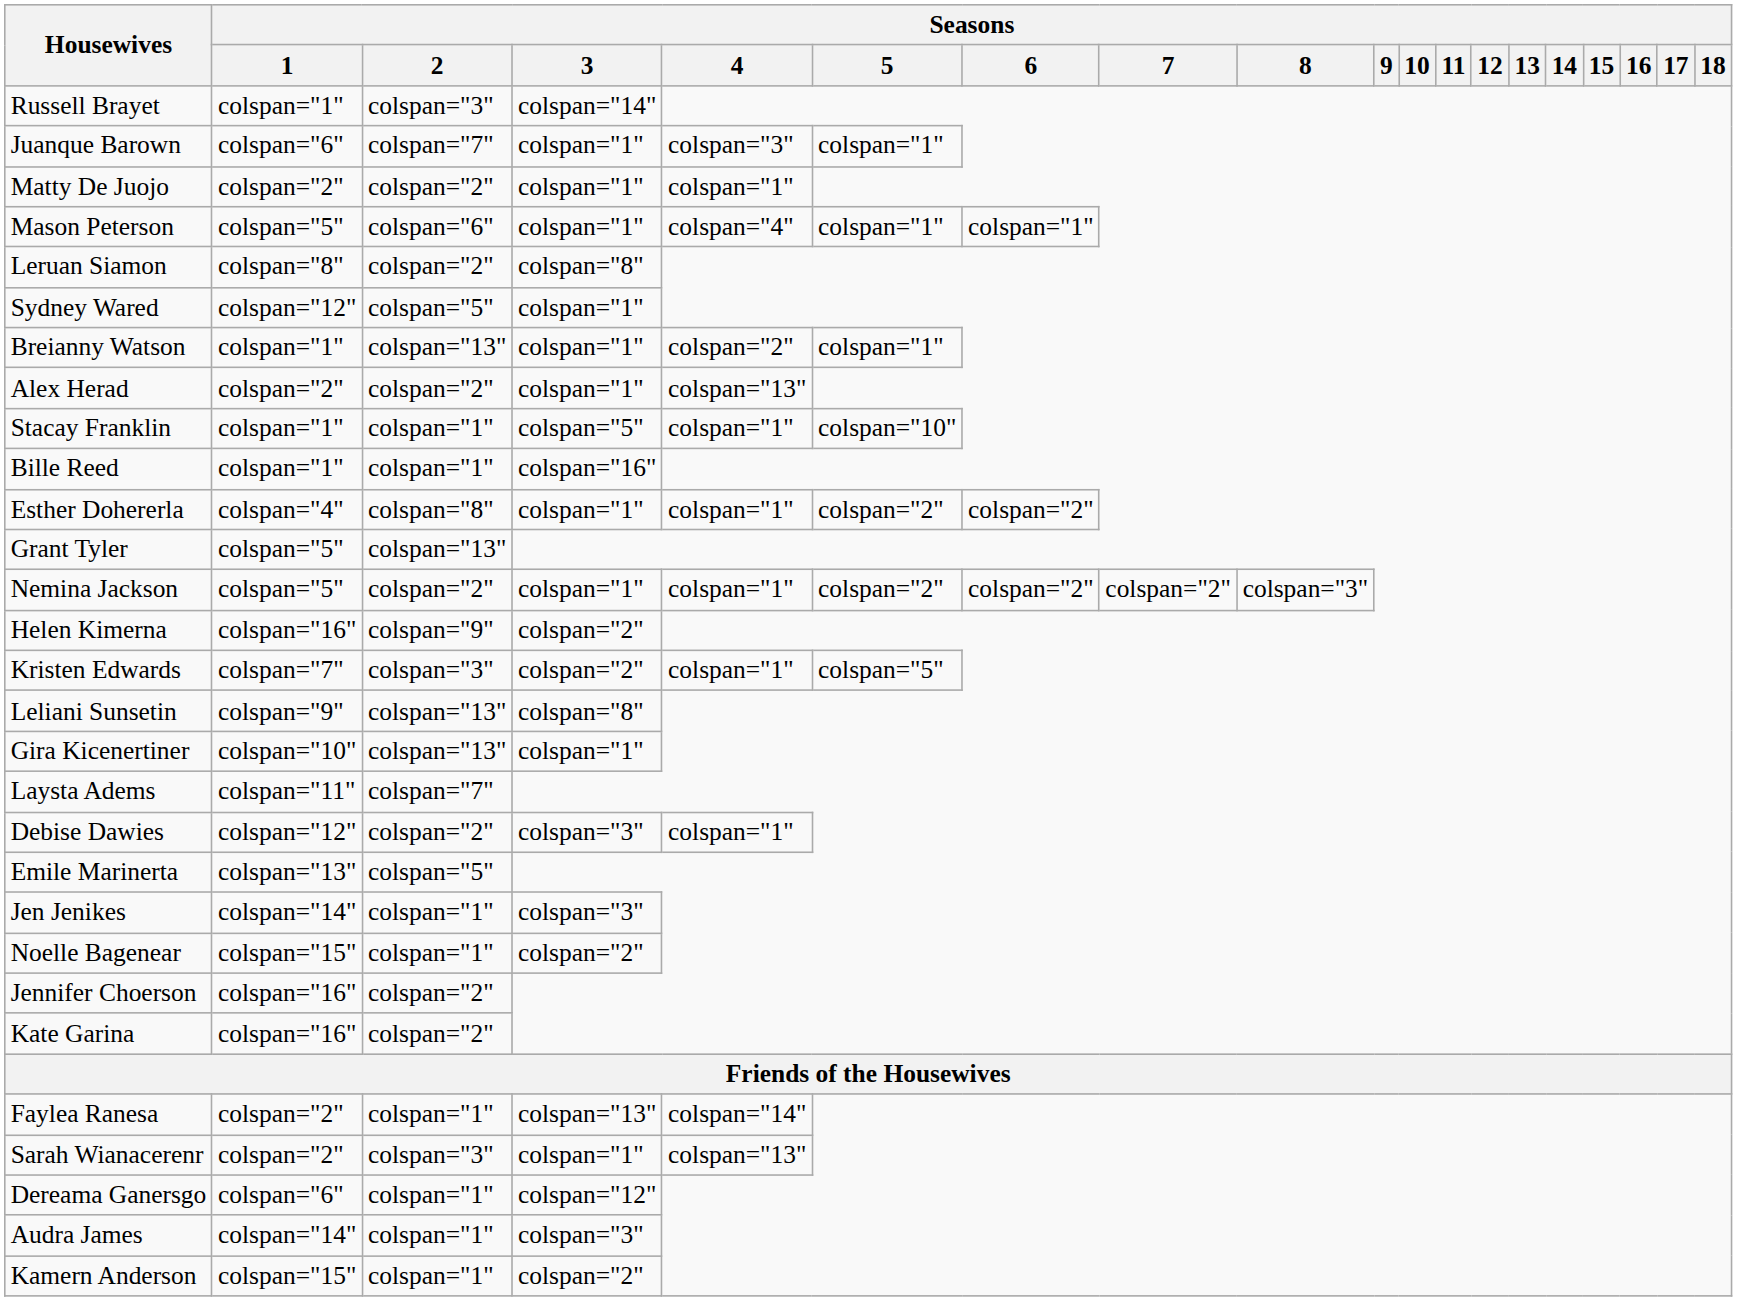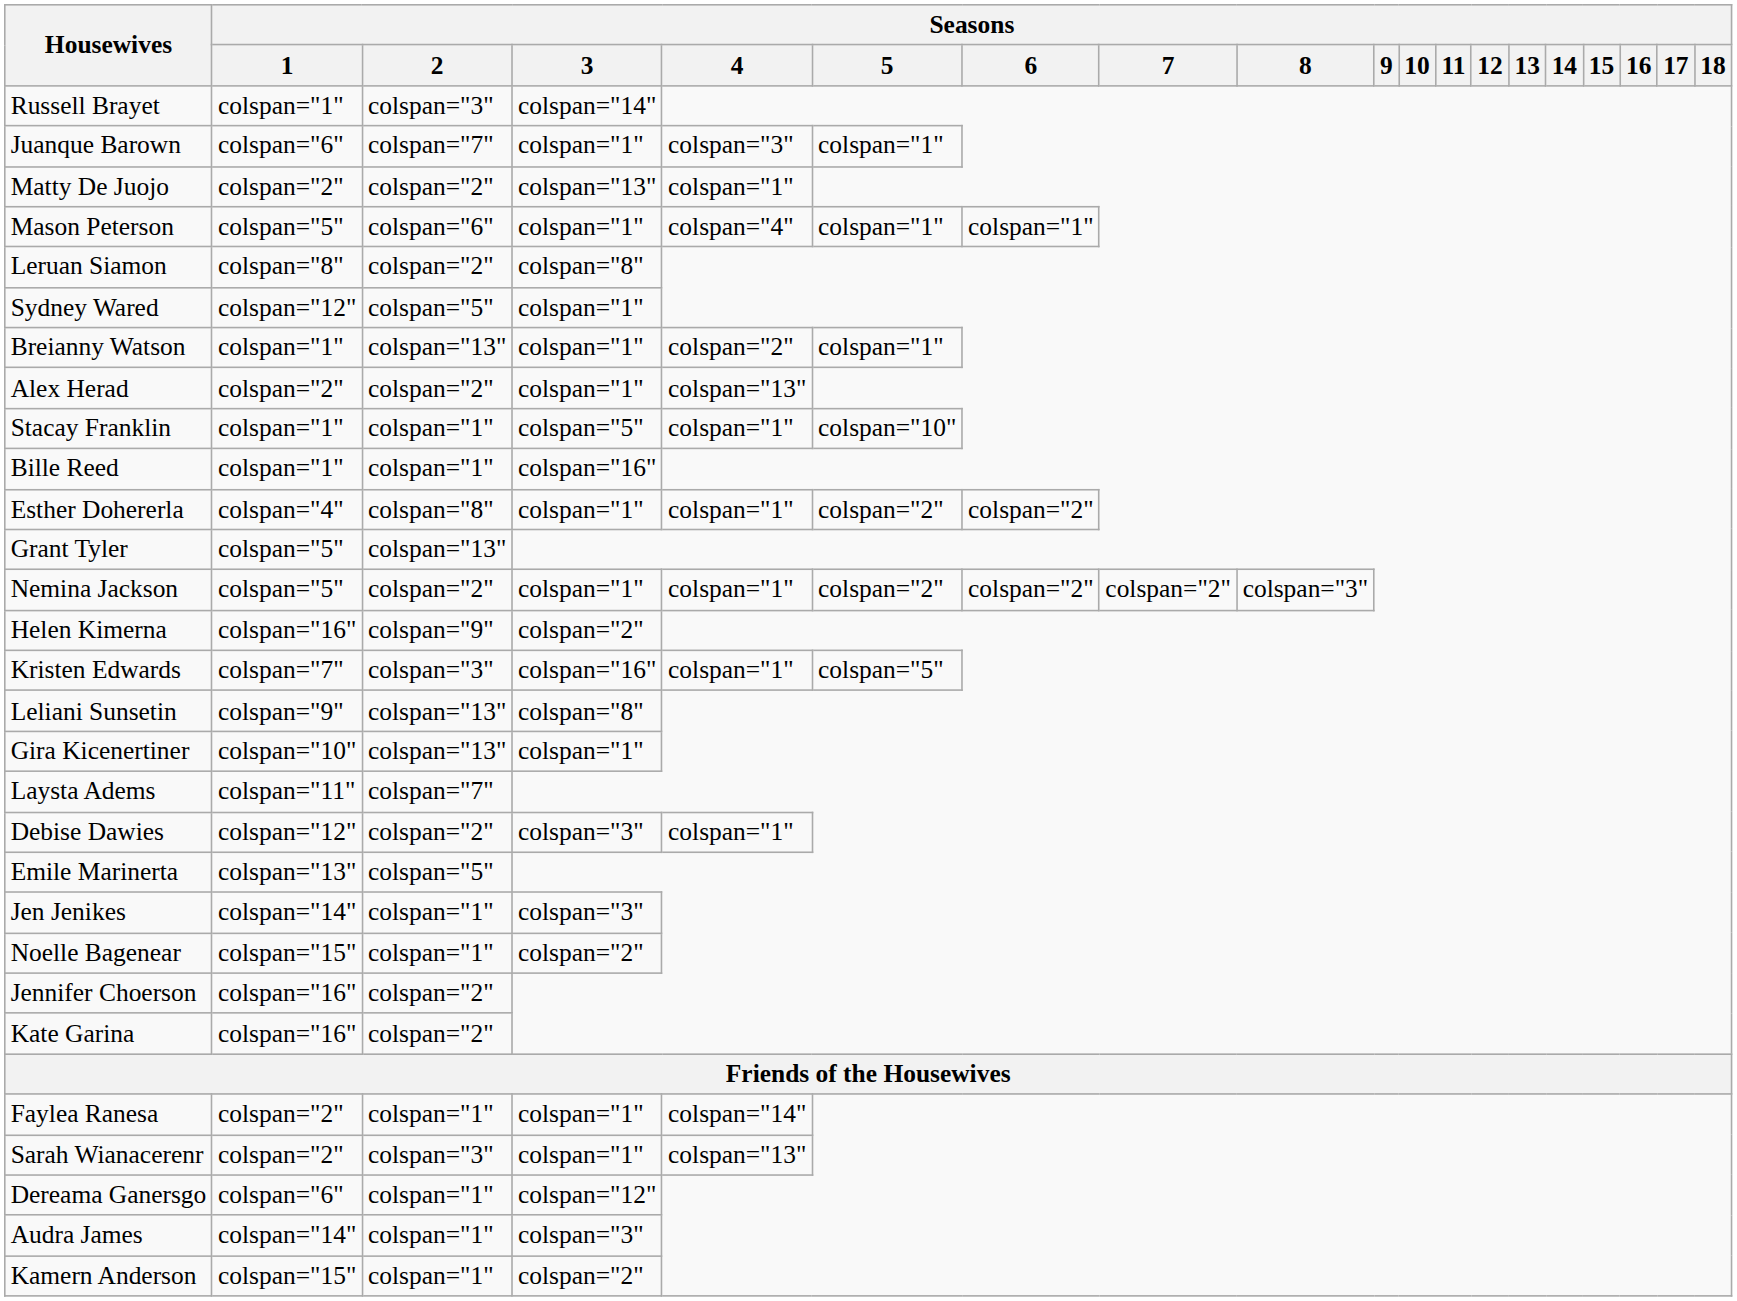 <table class="wikitable plainrowheaders" width="5%">
 <tr>
 <th scope="col" rowspan="2" style="width:70%;">Housewives</th>
 <th scope="col" colspan="18">Seasons</th>
 </tr>
 <tr>
 <th scope="col" style="width:10%;">1</th>
 <th scope="col" style="width:10%;">2</th>
 <th scope="col" style="width;10%;">3</th>
 <th>4</th>
 <th>5</th>
 <th>6</th>
 <th>7</th>
 <th>8</th>
 <th>9</th>
 <th>10</th>
 <th>11</th>
 <th>12</th>
 <th>13</th>
 <th>14</th>
 <th>15</th>
 <th>16</th>
 <th>17</th>
 <th>18</th>
 </tr>
 <tr>
 <td nowrap>Russell Brayet</td>
 <td>colspan="1" </td>
 <td>colspan="3" </td>
 <td>colspan="14" </td>
 </tr>
 <tr>
 <td>Juanque Barown</td>
 <td>colspan="6" </td>
 <td>colspan="7" </td>
 <td>colspan="1" </td>
 <td>colspan="3" </td>
 <td>colspan="1" </td>
 </tr>
 <tr>
 <td>Matty De Juojo</td>
 <td>colspan="2" </td>
 <td>colspan="2" </td>
-<td>colspan="1" </td>
+<td>colspan="13" </td>
 <td>colspan="1"  </td>
 </tr>
 <tr>
 <td nowrap>Mason Peterson</td>
 <td>colspan="5" </td>
 <td>colspan="6" </td>
 <td>colspan="1" </td>
 <td>colspan="4" </td>
 <td>colspan="1" </td>
 <td>colspan="1" </td>
 </tr>
 <tr>
 <td>Leruan Siamon</td>
 <td>colspan="8" </td>
 <td>colspan="2" </td>
 <td>colspan="8" </td>
 </tr>
 <tr>
 <td>Sydney Wared</td>
 <td>colspan="12"</td>
 <td>colspan="5" </td>
 <td>colspan="1" </td>
 </tr>
 <tr>
 <td>Breianny Watson</td>
 <td>colspan="1" </td>
 <td>colspan="13" </td>
 <td>colspan="1" </td>
 <td>colspan="2" </td>
 <td>colspan="1" </td>
 </tr>
 <tr>
 <td>Alex Herad</td>
 <td>colspan="2" </td>
 <td>colspan="2" </td>
 <td>colspan="1" </td>
 <td>colspan="13" </td>
 </tr>
 <tr>
 <td>Stacay Franklin</td>
 <td>colspan="1" </td>
 <td>colspan="1" </td>
 <td>colspan="5" </td>
 <td>colspan="1" </td>
 <td>colspan="10" </td>
 </tr>
 <tr>
 <td>Bille Reed</td>
 <td>colspan="1" </td>
 <td>colspan="1" </td>
 <td>colspan="16" </td>
 </tr>
 <tr>
 <td>Esther Dohererla</td>
 <td>colspan="4" </td>
 <td>colspan="8" </td>
 <td>colspan="1" </td>
 <td>colspan="1" </td>
 <td>colspan="2" </td>
 <td>colspan="2" </td>
 </tr>
 <tr>
 <td>Grant Tyler</td>
 <td>colspan="5" </td>
 <td>colspan="13" </td>
 </tr>
 <tr>
 <td>Nemina Jackson</td>
 <td>colspan="5" </td>
 <td>colspan="2" </td>
 <td>colspan="1" </td>
 <td>colspan="1" </td>
 <td>colspan="2" </td>
 <td>colspan="2" </td>
 <td>colspan="2" </td>
 <td>colspan="3" </td>
 </tr>
 <tr>
 <td>Helen Kimerna</td>
 <td>colspan="16" </td>
 <td>colspan="9" </td>
 <td>colspan="2" </td>
 </tr>
 <tr>
 <td>Kristen Edwards</td>
 <td>colspan="7" </td>
 <td>colspan="3" </td>
-<td>colspan="2" </td>
+<td>colspan="16" </td>
 <td>colspan="1" </td>
 <td>colspan="5" </td>
 </tr>
 <tr>
 <td>Leliani Sunsetin</td>
 <td>colspan="9" </td>
 <td>colspan="13" </td>
 <td>colspan="8" </td>
 </tr>
 <tr>
 <td>Gira Kicenertiner</td>
 <td>colspan="10" </td>
 <td>colspan="13" </td>
 <td>colspan="1" </td>
 </tr>
 <tr>
 <td>Laysta Adems</td>
 <td>colspan="11" </td>
 <td>colspan="7"  </td>
 </tr>
 <tr>
 <td>Debise Dawies</td>
 <td>colspan="12" </td>
 <td>colspan="2" </td>
 <td>colspan="3" </td>
 <td>colspan="1" </td>
 </tr>
 <tr>
 <td>Emile Marinerta</td>
 <td>colspan="13" </td>
 <td>colspan="5" </td>
 </tr>
 <tr>
 <td>Jen Jenikes</td>
 <td>colspan="14" </td>
 <td>colspan="1" </td>
 <td>colspan="3" </td>
 </tr>
 <tr>
 <td>Noelle Bagenear</td>
 <td>colspan="15" </td>
 <td>colspan="1"  </td>
 <td>colspan="2"  </td>
 </tr>
 <tr>
 <td>Jennifer Choerson</td>
 <td>colspan="16" </td>
 <td>colspan="2" </td>
 </tr>
 <tr>
 <td>Kate Garina</td>
 <td>colspan="16" </td>
 <td>colspan="2" </td>
 </tr>
 <tr>
 <th colspan="19">Friends of the Housewives</th>
 </tr>
 <tr>
 <td nowrap>Faylea Ranesa</td>
 <td>colspan="2" </td>
 <td>colspan="1" </td>
-<td>colspan="13" </td>
+<td>colspan="1" </td>
 <td>colspan="14" </td>
 </tr>
 <tr>
 <td nowrap>Sarah Wianacerenr</td>
 <td>colspan="2" </td>
 <td>colspan="3" </td>
 <td>colspan="1" </td>
 <td>colspan="13" </td>
 </tr>
 <tr>
 <td nowrap>Dereama Ganersgo</td>
 <td>colspan="6" </td>
 <td>colspan="1" </td>
 <td>colspan="12" </td>
 </tr>
 <tr>
 <td>Audra James</td>
 <td>colspan="14" </td>
 <td>colspan="1" </td>
 <td>colspan="3" </td>
 </tr>
 <tr>
 <td>Kamern Anderson</td>
 <td>colspan="15" </td>
 <td>colspan="1" </td>
 <td>colspan="2" </td>
 </tr>
 </table>
